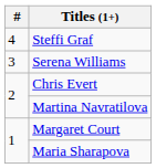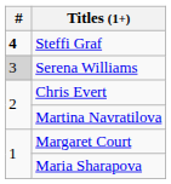 <table class="wikitable" style="display:inline-table;">
 <tr>
 <th width=20>#</th>
 <th>Titles <small>(1+)</small></th>
 </tr>
 <tr>
-<td>4</td>
+<td><strong>4</strong></td>
 <td> <a href='#'>Steffi Graf</a></td>
 </tr>
 <tr>
-<td>3</td>
+<td style="background: lightgrey;">3</td>
 <td> <a href='#'>Serena Williams</a></td>
 </tr>
 <tr>
 <td rowspan=2>2</td>
 <td> <a href='#'>Chris Evert</a></td>
 </tr>
 <tr>
 <td> <a href='#'>Martina Navratilova</a></td>
 </tr>
 <tr>
 <td rowspan=2>1</td>
 <td> <a href='#'>Margaret Court</a></td>
 </tr>
 <tr>
 <td> <a href='#'>Maria Sharapova</a></td>
 </tr>
 </table>
